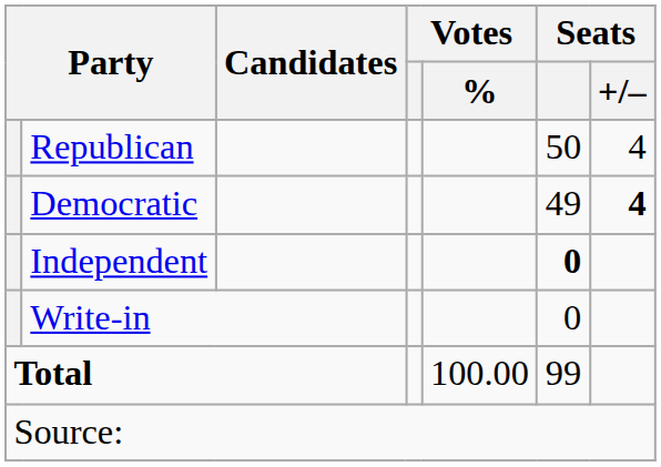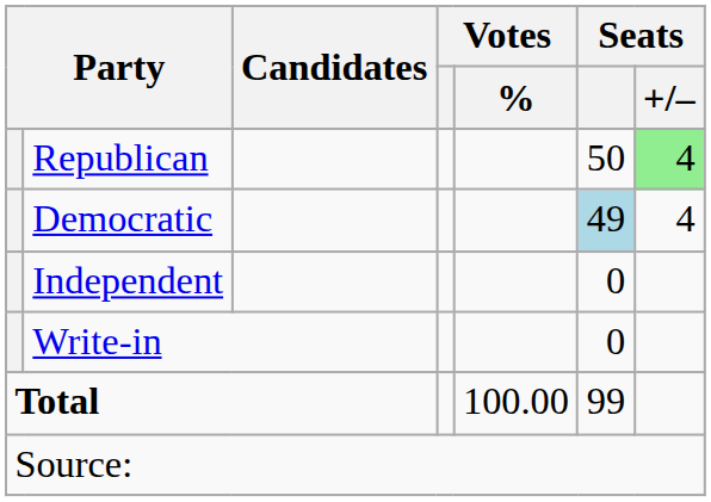 <table class="wikitable">
 <tr>
 <th colspan="2" rowspan="2">Party</th>
 <th rowspan="2">Candidates</th>
 <th colspan="2">Votes</th>
 <th colspan="4">Seats</th>
 </tr>
 <tr>
 <th></th>
 <th>%</th>
 <th></th>
 <th>+/–</th>
 </tr>
 <tr>
 <th style="background-color:"></th>
 <td><a href='#'>Republican</a></td>
 <td align="right"></td>
 <td align="right"></td>
 <td align="right"></td>
 <td align="right">50</td>
-<td align="right"> 4</td>
+<td align="right" style="background: lightgreen;"> 4</td>
 </tr>
 <tr>
 <th style="background-color:"></th>
 <td><a href='#'>Democratic</a></td>
 <td align="right"></td>
 <td align="right"></td>
 <td align="right"></td>
-<td align="right">49</td>
-<td align="right"><strong> 4</strong></td>
+<td align="right" style="background: lightblue;">49</td>
+<td align="right"> 4</td>
 </tr>
 <tr>
 <th style="background-color:"></th>
 <td><a href='#'>Independent</a></td>
 <td align="right"></td>
 <td align="right"></td>
 <td align="right"></td>
-<td align="right"><strong>0</strong></td>
+<td align="right">0</td>
 <td align="right"></td>
 </tr>
 <tr>
 <th style="background-color:"></th>
 <td colspan="2" align="left"><a href='#'>Write-in</a></td>
 <td align="right"></td>
 <td align="right"></td>
 <td align="right">0</td>
 <td align="right"></td>
 </tr>
 <tr>
 <td colspan="3" align="left"><strong>Total</strong></td>
 <td align="right"></td>
 <td align="right">100.00</td>
 <td align="right">99</td>
 <td align="right"></td>
 </tr>
 <tr>
 <td colspan="10">Source: </td>
 </tr>
 </table>
